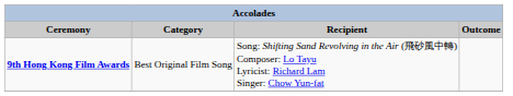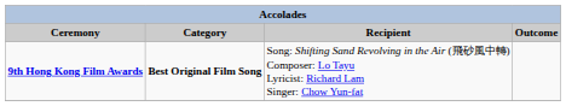 <table class="wikitable" style="font-size:95%;" ;>
 <tr style="background:#ccc; text-align:center;">
 <th colspan="4" style="background: LightSteelBlue;">Accolades</th>
 </tr>
 <tr style="background:#ccc; text-align:center;">
 <th style="background:#ccc">Ceremony</th>
 <th style="background:#ccc">Category</th>
 <th style="background:#ccc">Recipient</th>
 <th style="background:#ccc">Outcome</th>
 </tr>
 <tr>
 <td><strong><a href='#'>9th Hong Kong Film Awards</a></strong></td>
-<td>Best Original Film Song</td>
+<td><strong>Best Original Film Song</strong></td>
 <td>Song: <em>Shifting Sand Revolving in the Air</em> (飛砂風中轉)<br>Composer: <a href='#'>Lo Tayu</a> <br>Lyricist: <a href='#'>Richard Lam</a> <br>Singer: <a href='#'>Chow Yun-fat</a></td>
 <td></td>
 </tr>
 <tr>
 </tr>
 </table>
